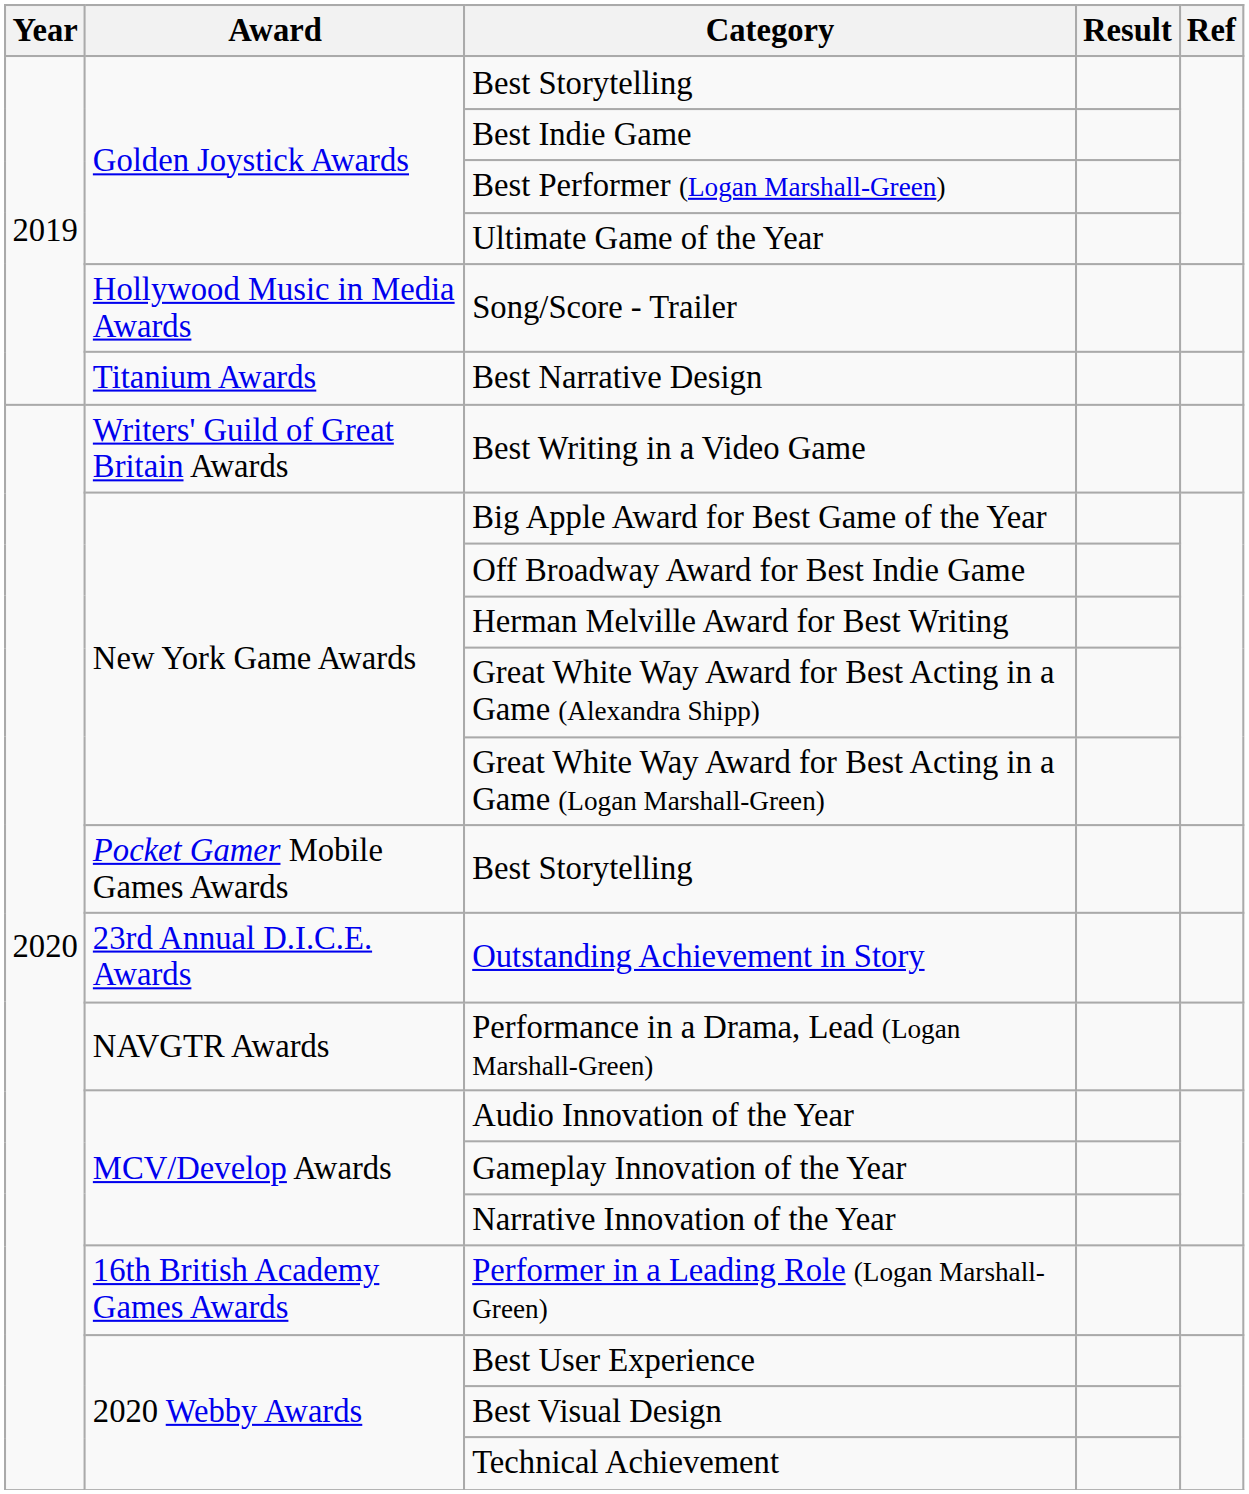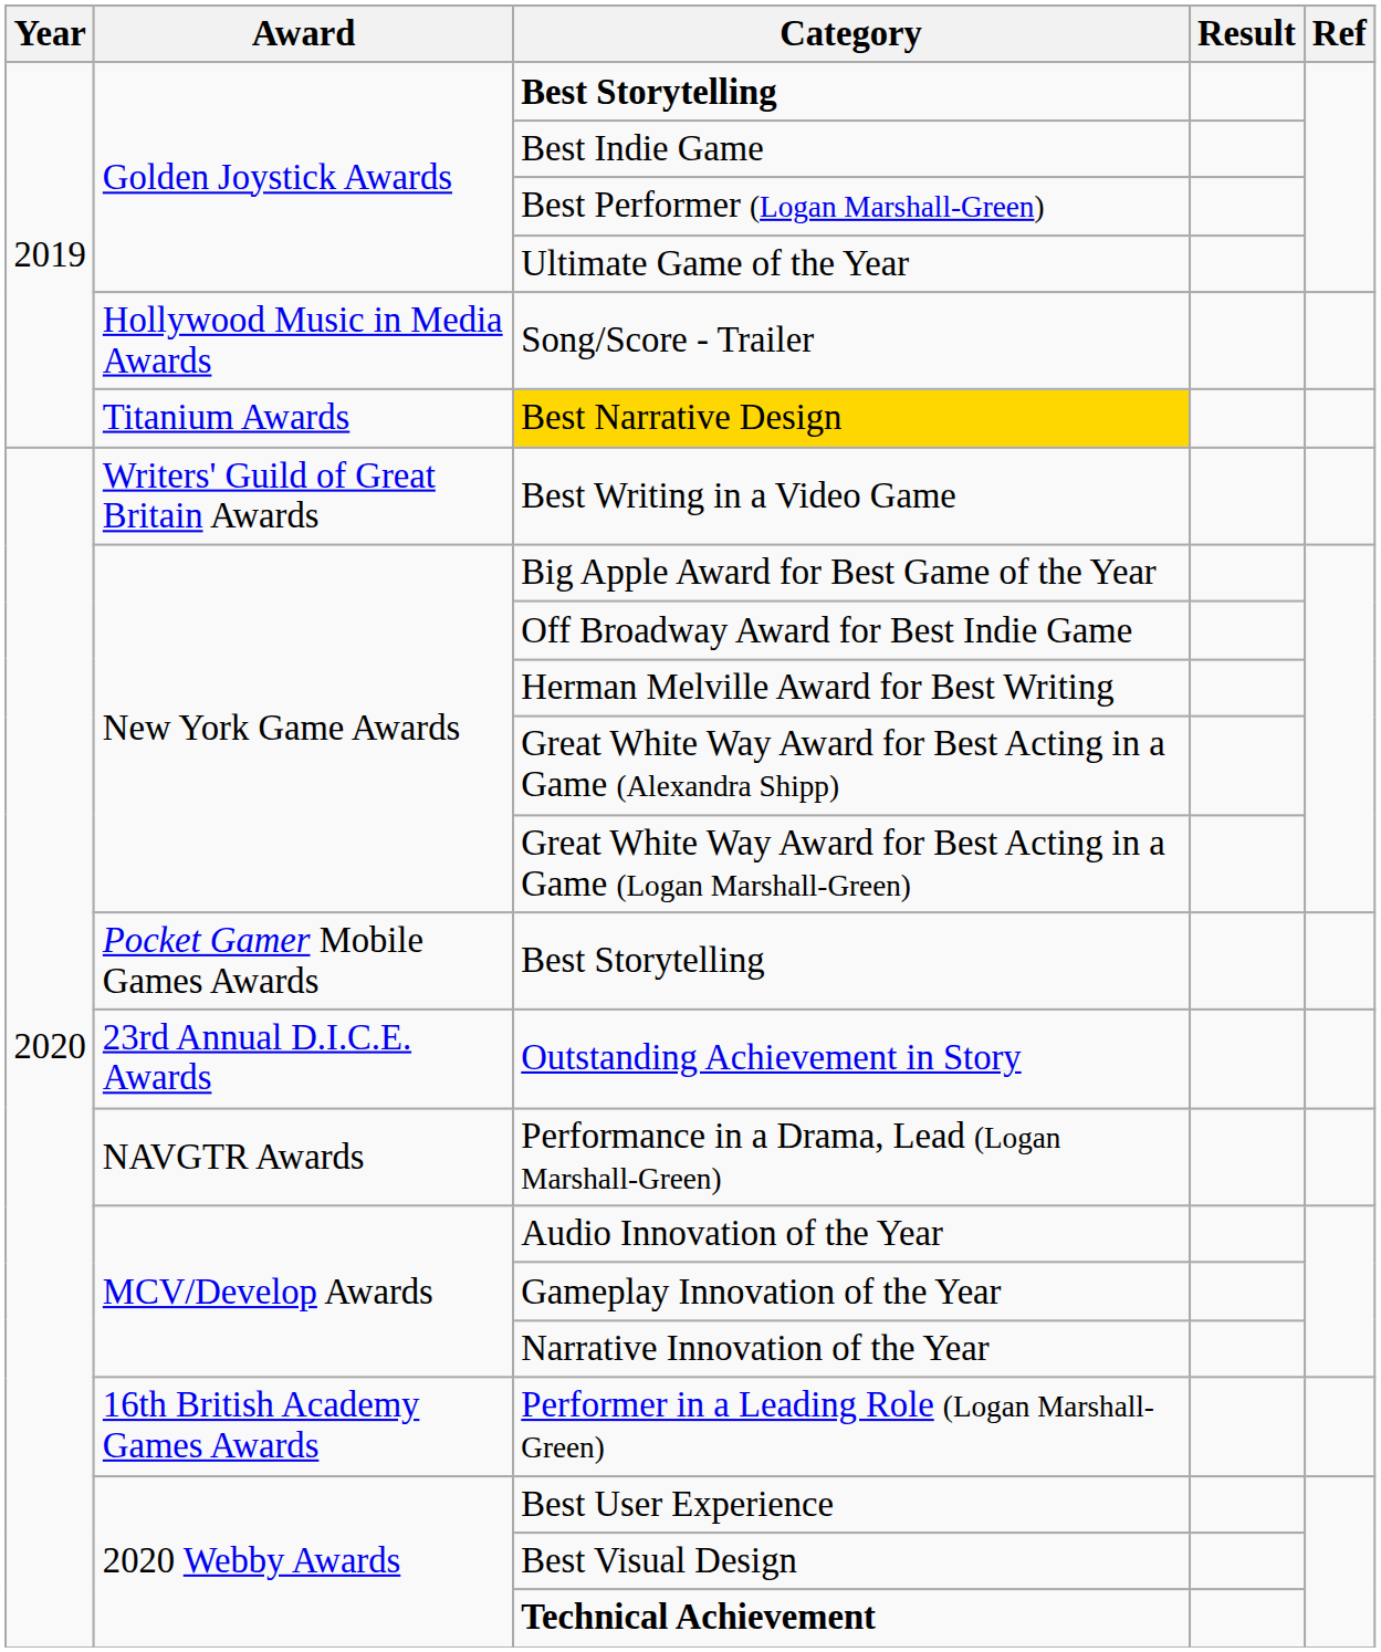 <table class="wikitable sortable">
 <tr>
 <th>Year</th>
 <th>Award</th>
 <th>Category</th>
 <th>Result</th>
 <th>Ref</th>
 </tr>
 <tr>
 <td style="text-align:center;" rowspan="6">2019</td>
 <td rowspan="4"><a href='#'>Golden Joystick Awards</a></td>
-<td>Best Storytelling</td>
+<td><strong>Best Storytelling</strong></td>
 <td></td>
 <td rowspan="4" style="text-align:center;"></td>
 </tr>
 <tr>
 <td>Best Indie Game</td>
 <td></td>
 </tr>
 <tr>
 <td>Best Performer <small>(<a href='#'>Logan Marshall-Green</a>)</small></td>
 <td></td>
 </tr>
 <tr>
 <td>Ultimate Game of the Year</td>
 <td></td>
 </tr>
 <tr>
 <td><a href='#'>Hollywood Music in Media Awards</a></td>
 <td>Song/Score - Trailer</td>
 <td></td>
 <td style="text-align:center;"></td>
 </tr>
 <tr>
 <td><a href='#'>Titanium Awards</a></td>
-<td>Best Narrative Design</td>
+<td style="background: gold;">Best Narrative Design</td>
 <td></td>
 <td style="text-align:center;"></td>
 </tr>
 <tr>
 <td style="text-align:center;" rowspan="16">2020</td>
 <td><a href='#'>Writers' Guild of Great Britain</a> Awards</td>
 <td>Best Writing in a Video Game</td>
 <td></td>
 <td style="text-align:center;"></td>
 </tr>
 <tr>
 <td rowspan="5">New York Game Awards</td>
 <td>Big Apple Award for Best Game of the Year</td>
 <td></td>
 <td rowspan="5" style="text-align:center;"></td>
 </tr>
 <tr>
 <td>Off Broadway Award for Best Indie Game</td>
 <td></td>
 </tr>
 <tr>
 <td>Herman Melville Award for Best Writing</td>
 <td></td>
 </tr>
 <tr>
 <td>Great White Way Award for Best Acting in a Game <small>(Alexandra Shipp)</small></td>
 <td></td>
 </tr>
 <tr>
 <td>Great White Way Award for Best Acting in a Game <small>(Logan Marshall-Green)</small></td>
 <td></td>
 </tr>
 <tr>
 <td><em><a href='#'>Pocket Gamer</a></em> Mobile Games Awards</td>
 <td>Best Storytelling</td>
 <td></td>
 <td style="text-align:center;"></td>
 </tr>
 <tr>
 <td><a href='#'>23rd Annual D.I.C.E. Awards</a></td>
 <td><a href='#'>Outstanding Achievement in Story</a></td>
 <td></td>
 <td style="text-align:center;"></td>
 </tr>
 <tr>
 <td>NAVGTR Awards</td>
 <td>Performance in a Drama, Lead <small>(Logan Marshall-Green)</small></td>
 <td></td>
 <td style="text-align:center;"></td>
 </tr>
 <tr>
 <td rowspan="3"><a href='#'>MCV/Develop</a> Awards</td>
 <td>Audio Innovation of the Year</td>
 <td></td>
 <td rowspan="3" style="text-align:center;"></td>
 </tr>
 <tr>
 <td>Gameplay Innovation of the Year</td>
 <td></td>
 </tr>
 <tr>
 <td>Narrative Innovation of the Year</td>
 <td></td>
 </tr>
 <tr>
 <td><a href='#'>16th British Academy Games Awards</a></td>
 <td><a href='#'>Performer in a Leading Role</a> <small>(Logan Marshall-Green)</small></td>
 <td></td>
 <td style="text-align:center;"></td>
 </tr>
 <tr>
 <td rowspan="3">2020 <a href='#'>Webby Awards</a></td>
 <td>Best User Experience</td>
 <td></td>
 <td rowspan="3" style="text-align:center;"></td>
 </tr>
 <tr>
 <td>Best Visual Design</td>
 <td></td>
 </tr>
 <tr>
-<td>Technical Achievement</td>
+<td><strong>Technical Achievement</strong></td>
 <td></td>
 </tr>
 </table>
